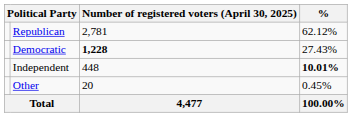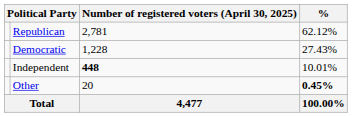 <table class="wikitable">
 <tr>
 <th colspan="2">Political Party</th>
 <th>Number of registered voters (April 30, 2025)</th>
 <th>%</th>
 </tr>
 <tr>
 <td></td>
 <td><a href='#'>Republican</a></td>
 <td>2,781</td>
 <td>62.12%</td>
 </tr>
 <tr>
 <td></td>
 <td><a href='#'>Democratic</a></td>
-<td><strong>1,228</strong></td>
+<td>1,228</td>
 <td>27.43%</td>
 </tr>
 <tr>
 <td></td>
 <td>Independent</td>
-<td>448</td>
-<td><strong>10.01%</strong></td>
+<td><strong>448</strong></td>
+<td>10.01%</td>
 </tr>
 <tr>
 <td></td>
 <td><a href='#'>Other</a></td>
 <td>20</td>
-<td>0.45%</td>
+<td><strong>0.45%</strong></td>
 </tr>
 <tr>
 <th colspan="2">Total</th>
 <th>4,477</th>
 <th>100.00%</th>
 </tr>
 </table>
